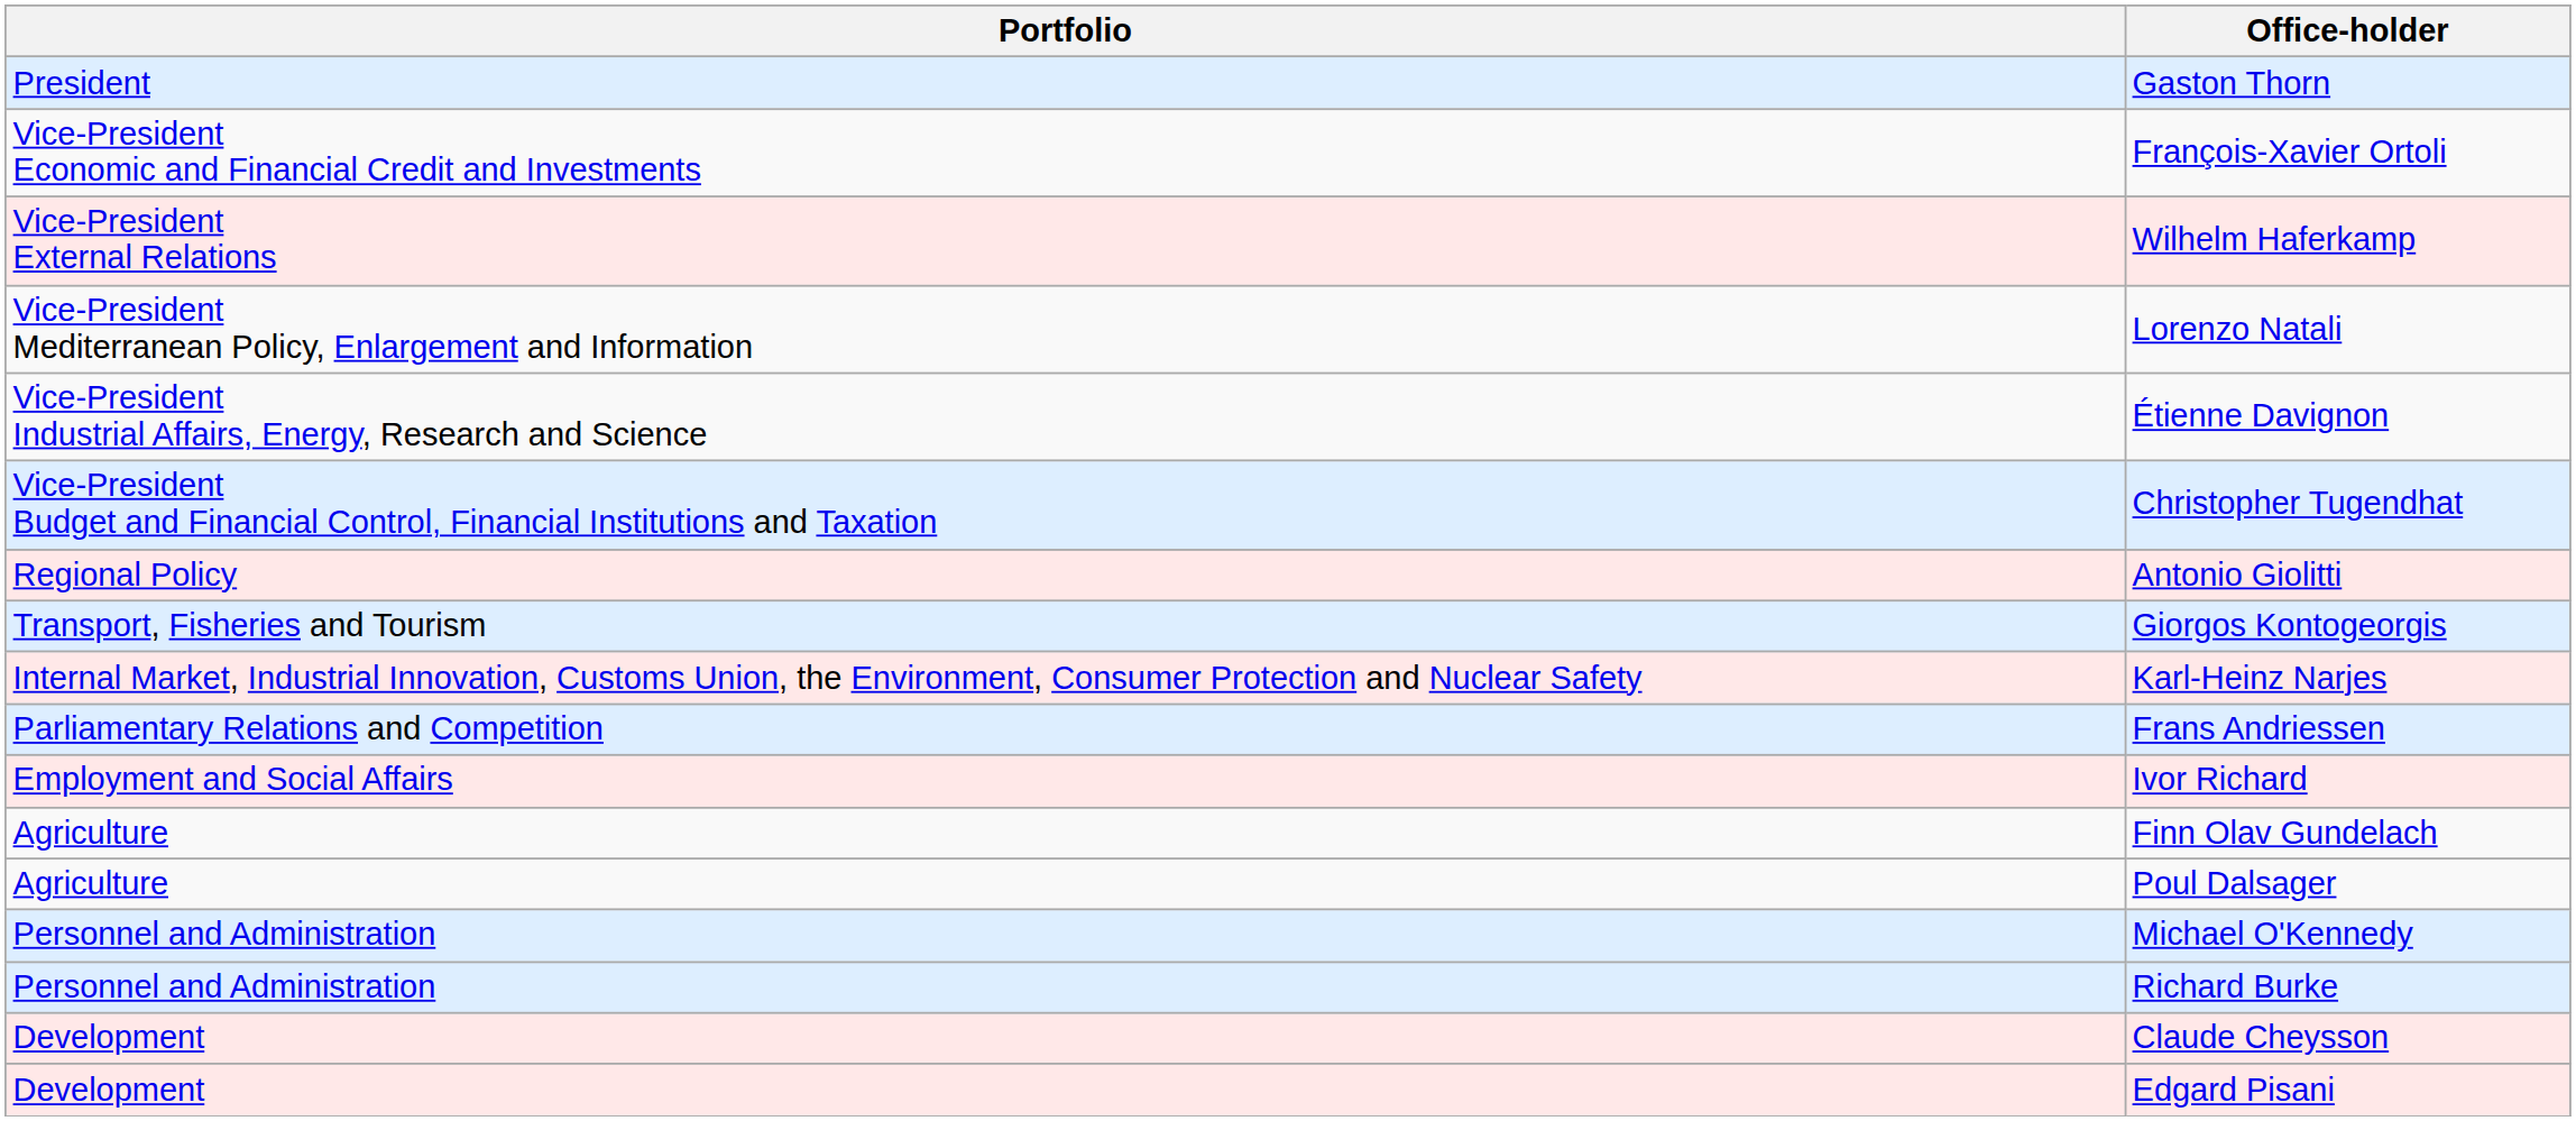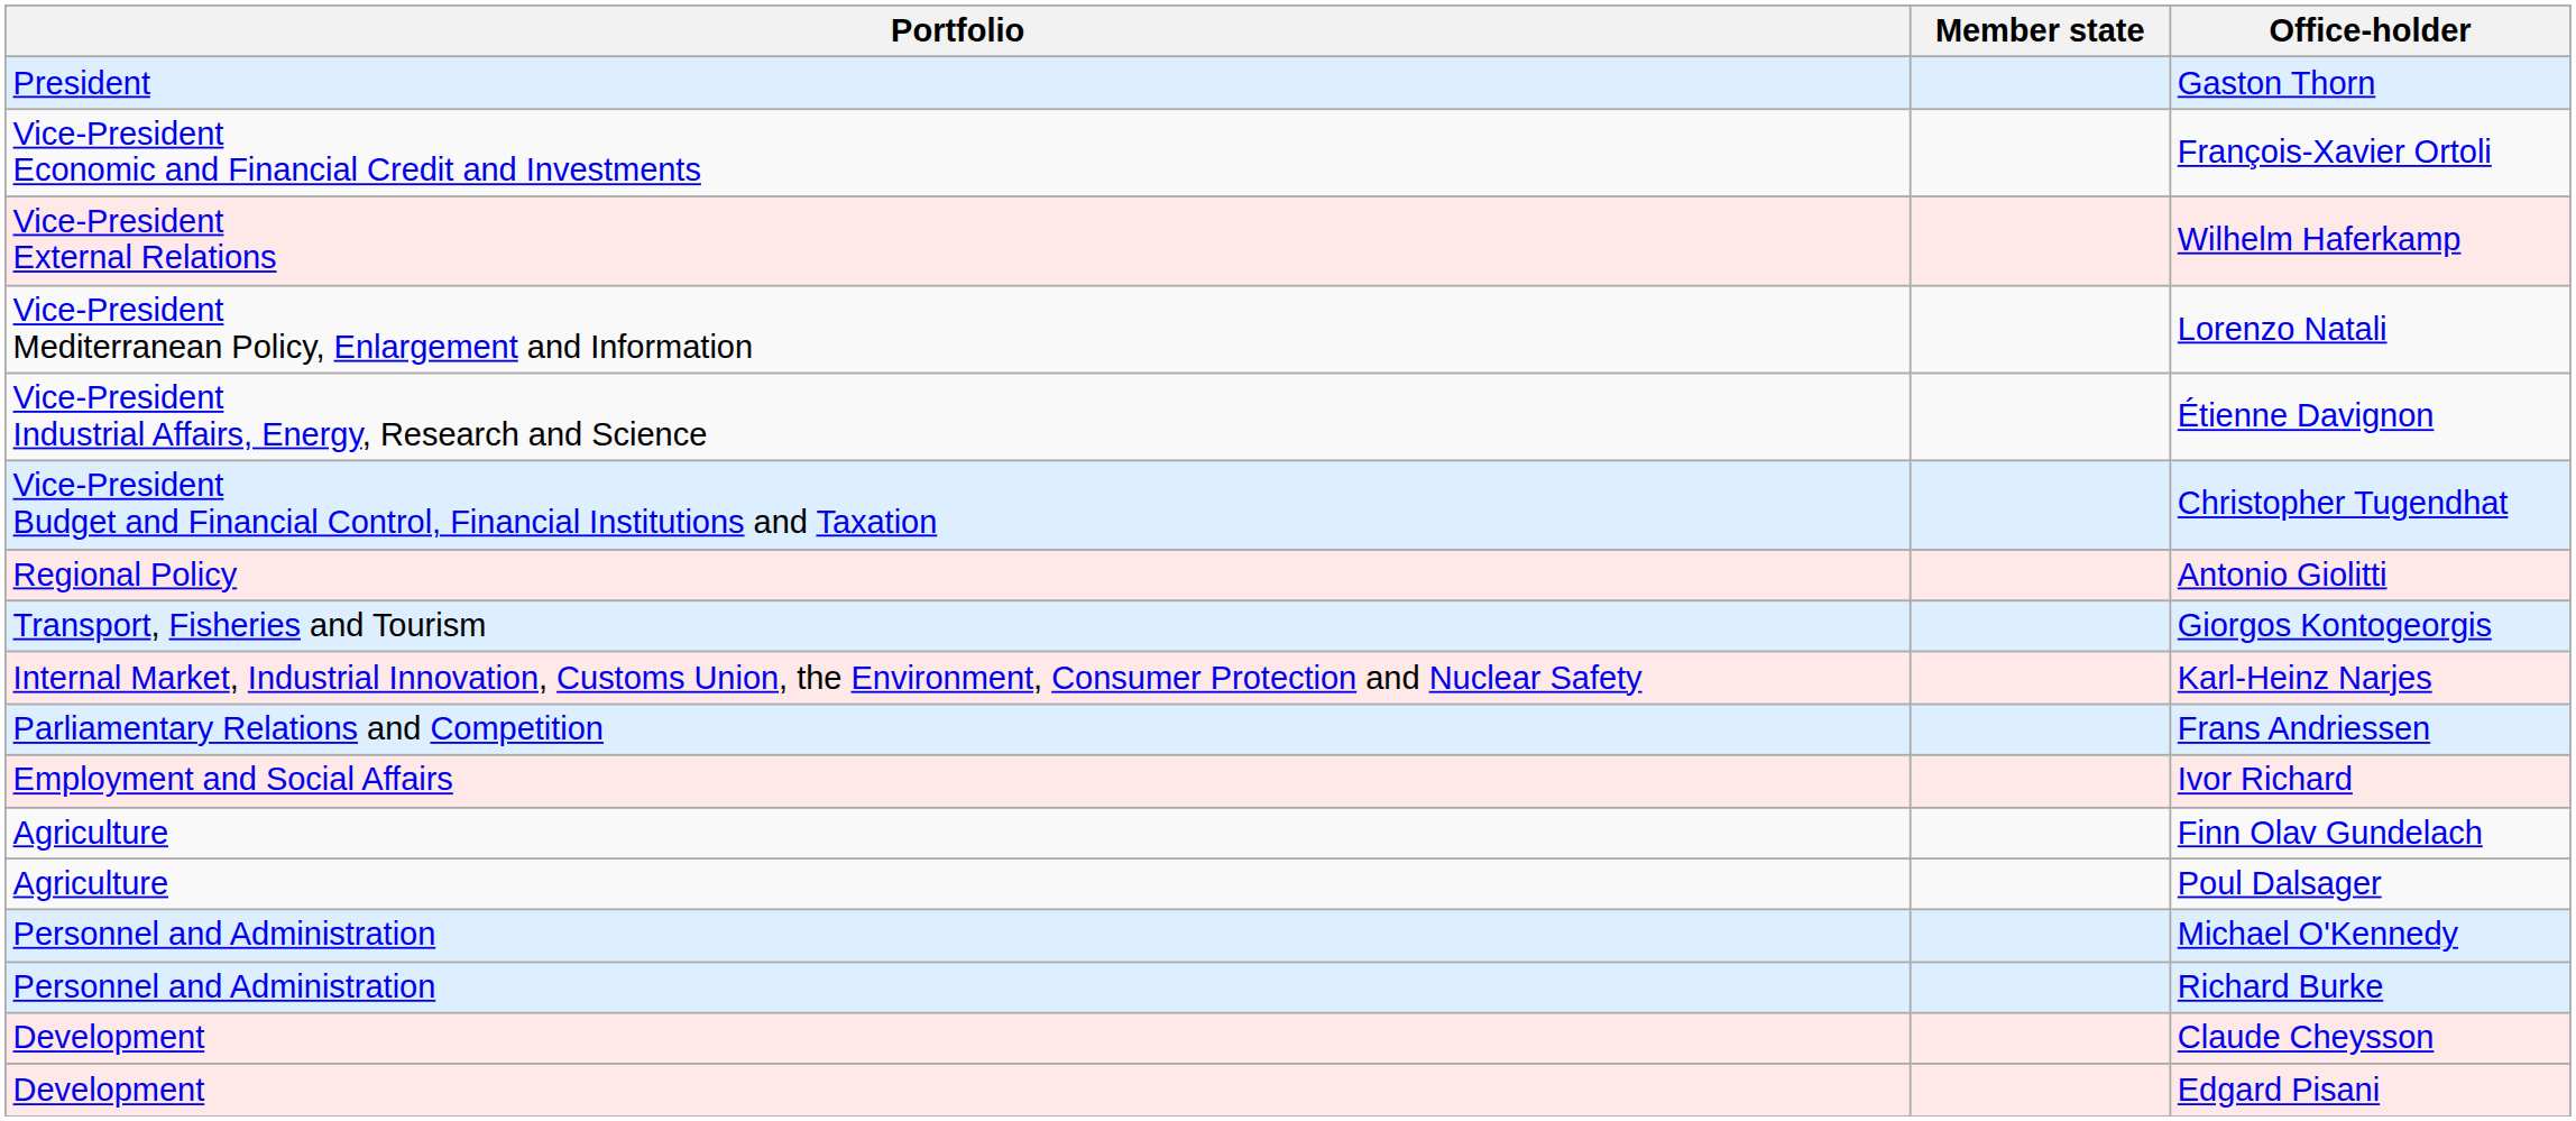 <table class=wikitable width=100%>
 <tr>
 <th>Portfolio</th>
+<th>Member state</th>
 <th>Office-holder</th>
 </tr>
 <tr --- bgcolor=#DDEEFF>
 <td><a href='#'>President</a> </td>
+<td></td>
 <td><a href='#'>Gaston Thorn</a></td>
 </tr>
 <tr>
 <td><a href='#'>Vice-President</a><br><a href='#'>Economic and Financial Credit and Investments</a></td>
+<td></td>
 <td><a href='#'>François-Xavier Ortoli</a></td>
 </tr>
 <tr --- bgcolor=#FFE8E8>
 <td><a href='#'>Vice-President</a><br><a href='#'>External Relations</a> </td>
+<td></td>
 <td><a href='#'>Wilhelm Haferkamp</a></td>
 </tr>
 <tr>
 <td><a href='#'>Vice-President</a><br>Mediterranean Policy, <a href='#'>Enlargement</a> and Information</td>
+<td></td>
 <td><a href='#'>Lorenzo Natali</a></td>
 </tr>
 <tr>
 <td><a href='#'>Vice-President</a><br><a href='#'>Industrial Affairs, Energy</a>, Research and Science </td>
+<td></td>
 <td><a href='#'>Étienne Davignon</a></td>
 </tr>
 <tr --- bgcolor=#DDEEFF>
 <td><a href='#'>Vice-President</a><br><a href='#'>Budget and Financial Control, Financial Institutions</a> and <a href='#'>Taxation</a></td>
+<td></td>
 <td><a href='#'>Christopher Tugendhat</a></td>
 </tr>
 <tr --- bgcolor=#FFE8E8>
 <td><a href='#'>Regional Policy</a> </td>
+<td></td>
 <td><a href='#'>Antonio Giolitti</a></td>
 </tr>
 <tr --- bgcolor=#DDEEFF>
 <td><a href='#'>Transport</a>, <a href='#'>Fisheries</a> and Tourism</td>
+<td></td>
 <td><a href='#'>Giorgos Kontogeorgis</a></td>
 </tr>
 <tr --- bgcolor=#FFE8E8>
 <td><a href='#'>Internal Market</a>, <a href='#'>Industrial Innovation</a>, <a href='#'>Customs Union</a>, the <a href='#'>Environment</a>, <a href='#'>Consumer Protection</a> and <a href='#'>Nuclear Safety</a></td>
+<td></td>
 <td><a href='#'>Karl-Heinz Narjes</a></td>
 </tr>
 <tr --- bgcolor=#DDEEFF>
 <td><a href='#'>Parliamentary Relations</a> and <a href='#'>Competition</a></td>
+<td></td>
 <td><a href='#'>Frans Andriessen</a></td>
 </tr>
 <tr --- bgcolor=#FFE8E8>
 <td><a href='#'>Employment and Social Affairs</a> </td>
+<td></td>
 <td><a href='#'>Ivor Richard</a></td>
 </tr>
 <tr>
 <td><a href='#'>Agriculture</a></td>
+<td></td>
 <td><a href='#'>Finn Olav Gundelach</a> </td>
 </tr>
 <tr>
 <td><a href='#'>Agriculture</a></td>
+<td></td>
 <td><a href='#'>Poul Dalsager</a> </td>
 </tr>
 <tr --- bgcolor=#DDEEFF>
 <td><a href='#'>Personnel and Administration</a> </td>
+<td></td>
 <td><a href='#'>Michael O'Kennedy</a> </td>
 </tr>
 <tr --- bgcolor=#DDEEFF>
 <td><a href='#'>Personnel and Administration</a> </td>
+<td></td>
 <td><a href='#'>Richard Burke</a> </td>
 </tr>
 <tr --- bgcolor=#FFE8E8>
 <td><a href='#'>Development</a></td>
+<td></td>
 <td><a href='#'>Claude Cheysson</a> </td>
 </tr>
 <tr --- bgcolor=#FFE8E8>
 <td><a href='#'>Development</a></td>
+<td></td>
 <td><a href='#'>Edgard Pisani</a> </td>
 </tr>
 </table>
